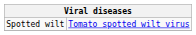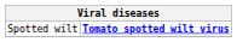 <table class="wikitable" style="clear">
 <tr>
 <th colspan=2>Viral diseases<br></th>
 </tr>
 <tr>
 <td>Spotted wilt</td>
-<td><a href='#'>Tomato spotted wilt virus</a></td>
+<td><strong><a href='#'>Tomato spotted wilt virus</a></strong></td>
 </tr>
 <tr>
 </tr>
 </table>
